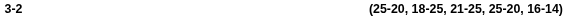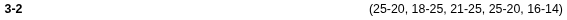 <table width=100% cellspacing=1>
 <tr>
 <th width=20%></th>
 <th width=12%></th>
 <th width=20%></th>
 <th width=33%></th>
 <td></td>
 </tr>
 <tr style=font-size:90%>
 <td align=right></td>
 <td align=center><strong>3-2</strong></td>
 <td></td>
-<td><strong>(25-20, 18-25, 21-25, 25-20, 16-14)</strong></td>
+<td>(25-20, 18-25, 21-25, 25-20, 16-14)</td>
 </tr>
 </table>
